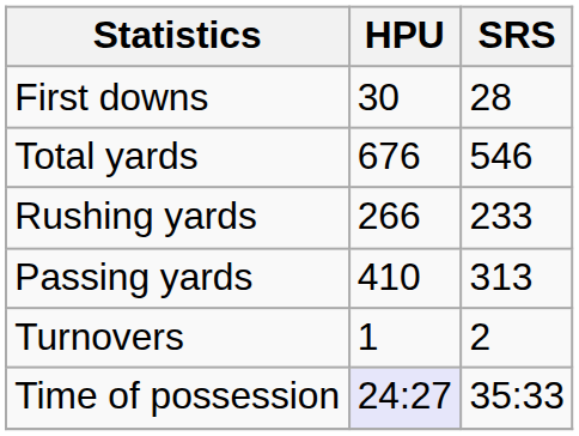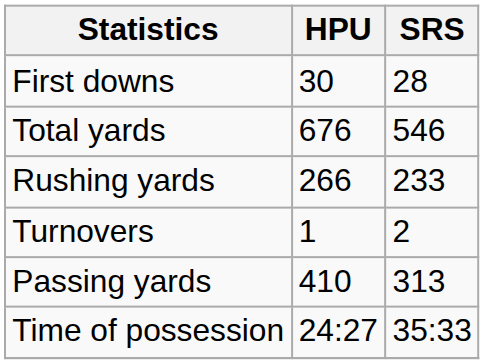 <table class="wikitable" style="float: left;">
 <tr>
 <th>Statistics</th>
 <th>HPU</th>
 <th>SRS</th>
 </tr>
 <tr>
 <td>First downs</td>
 <td>30</td>
 <td>28</td>
 </tr>
 <tr>
 <td>Total yards</td>
 <td>676</td>
 <td>546</td>
 </tr>
 <tr>
 <td>Rushing yards</td>
 <td>266</td>
 <td>233</td>
 </tr>
 <tr>
+<td>Turnovers</td>
+<td>1</td>
+<td>2</td>
+</tr>
+<tr>
 <td>Passing yards</td>
 <td>410</td>
 <td>313</td>
 </tr>
 <tr>
-<td>Turnovers</td>
-<td>1</td>
-<td>2</td>
-</tr>
-<tr>
 <td>Time of possession</td>
-<td style="background: lavender;">24:27</td>
+<td>24:27</td>
 <td>35:33</td>
 </tr>
 <tr>
 </tr>
 </table>
